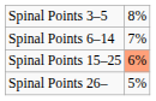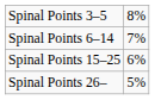 <table class="wikitable">
 <tr>
 <td>Spinal Points 3–5</td>
 <td>8%</td>
 </tr>
 <tr>
 <td>Spinal Points 6–14</td>
 <td>7%</td>
 </tr>
 <tr>
 <td>Spinal Points 15–25</td>
-<td style="background: lightsalmon;">6%</td>
+<td>6%</td>
 </tr>
 <tr>
 <td>Spinal Points 26–</td>
 <td>5%</td>
 </tr>
 </table>
